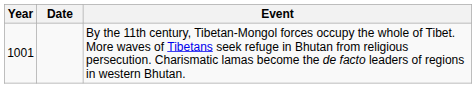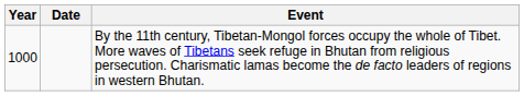 <table class="wikitable" width="100%">
 <tr>
 <th style="width:6%">Year</th>
 <th style="width:10%">Date</th>
 <th>Event</th>
 </tr>
 <tr>
-<td>1001</td>
+<td>1000</td>
 <td></td>
 <td>By the 11th century, Tibetan-Mongol forces occupy the whole of Tibet. More waves of <a href='#'>Tibetans</a> seek refuge in Bhutan from religious persecution. Charismatic lamas become the <em>de facto</em> leaders of regions in western Bhutan.</td>
 </tr>
 </table>
